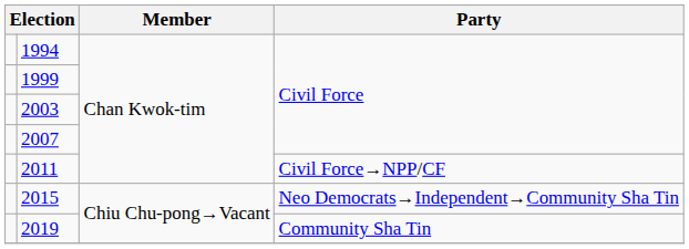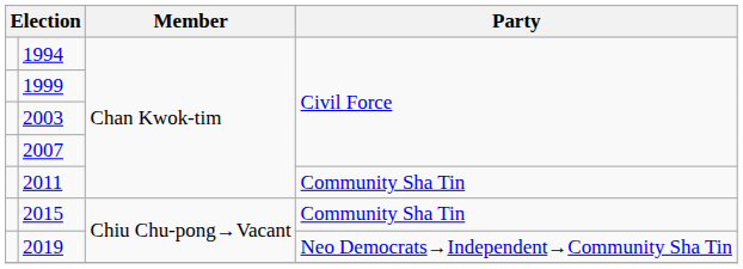 <table class="wikitable">
 <tr>
 <th colspan="2">Election</th>
 <th>Member</th>
 <th>Party</th>
 </tr>
 <tr>
 <td style="background-color: "></td>
 <td><a href='#'>1994</a></td>
 <td rowspan=5>Chan Kwok-tim</td>
 <td rowspan=4><a href='#'>Civil Force</a></td>
 </tr>
 <tr>
 <td style="background-color: "></td>
 <td><a href='#'>1999</a></td>
 </tr>
 <tr>
 <td style="background-color: "></td>
 <td><a href='#'>2003</a></td>
 </tr>
 <tr>
 <td style="background-color: "></td>
 <td><a href='#'>2007</a></td>
 </tr>
 <tr>
 <td style="background-color: "></td>
 <td><a href='#'>2011</a></td>
-<td><a href='#'>Civil Force</a>→<a href='#'>NPP</a>/<a href='#'>CF</a></td>
+<td><a href='#'>Community Sha Tin</a></td>
 </tr>
 <tr>
 <td style="background-color: "></td>
 <td><a href='#'>2015</a></td>
 <td rowspan=2>Chiu Chu-pong→Vacant</td>
-<td><a href='#'>Neo Democrats</a>→<a href='#'>Independent</a>→<a href='#'>Community Sha Tin</a></td>
+<td><a href='#'>Community Sha Tin</a></td>
 </tr>
 <tr>
 <td style="background-color: "></td>
 <td><a href='#'>2019</a></td>
-<td><a href='#'>Community Sha Tin</a></td>
+<td><a href='#'>Neo Democrats</a>→<a href='#'>Independent</a>→<a href='#'>Community Sha Tin</a></td>
 </tr>
 <tr>
 </tr>
 </table>
